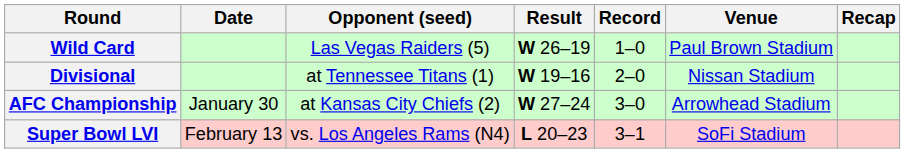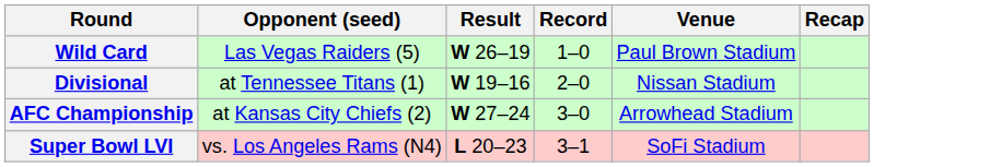 <table class="wikitable" style="text-align:center">
 <tr>
 <th>Round</th>
-<th>Date</th>
 <th>Opponent (seed)</th>
 <th>Result</th>
 <th>Record</th>
 <th>Venue</th>
 <th>Recap</th>
 </tr>
 <tr style="background:#cfc">
 <th><a href='#'>Wild Card</a></th>
-<td></td>
 <td><a href='#'>Las Vegas Raiders</a> (5)</td>
 <td><strong>W</strong> 26–19</td>
 <td>1–0</td>
 <td><a href='#'>Paul Brown Stadium</a></td>
 <td></td>
 </tr>
 <tr style="background:#cfc">
 <th><a href='#'>Divisional</a></th>
-<td></td>
 <td>at <a href='#'>Tennessee Titans</a> (1)</td>
 <td><strong>W</strong> 19–16</td>
 <td>2–0</td>
 <td><a href='#'>Nissan Stadium</a></td>
 <td></td>
 </tr>
 <tr style="background:#cfc">
 <th><a href='#'>AFC Championship</a></th>
-<td>January 30</td>
 <td>at <a href='#'>Kansas City Chiefs</a> (2)</td>
 <td><strong>W</strong> 27–24 </td>
 <td>3–0</td>
 <td><a href='#'>Arrowhead Stadium</a></td>
 <td></td>
 </tr>
 <tr style="background:#fcc">
 <th><a href='#'>Super Bowl LVI</a></th>
-<td>February 13</td>
 <td>vs. <a href='#'>Los Angeles Rams</a> (N4)</td>
 <td><strong>L</strong> 20–23</td>
 <td>3–1</td>
 <td><a href='#'>SoFi Stadium</a></td>
 <td></td>
 </tr>
 </table>
